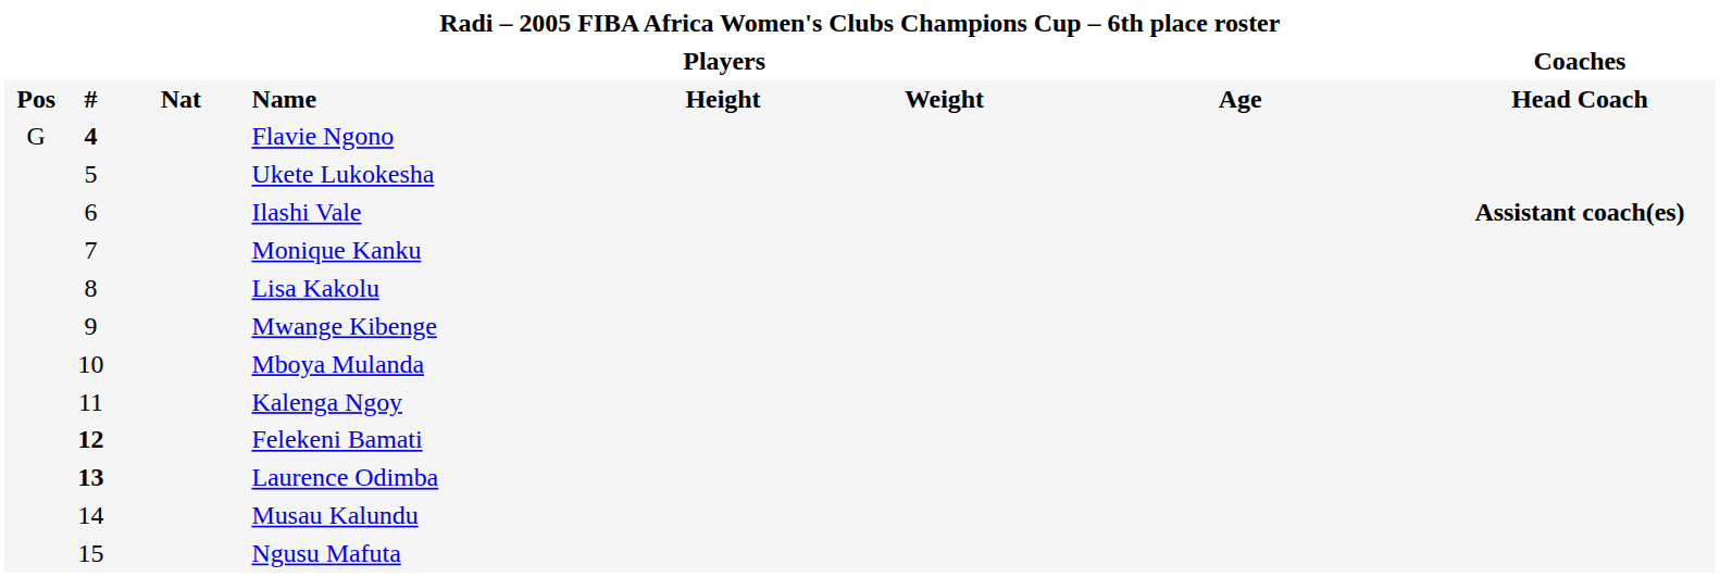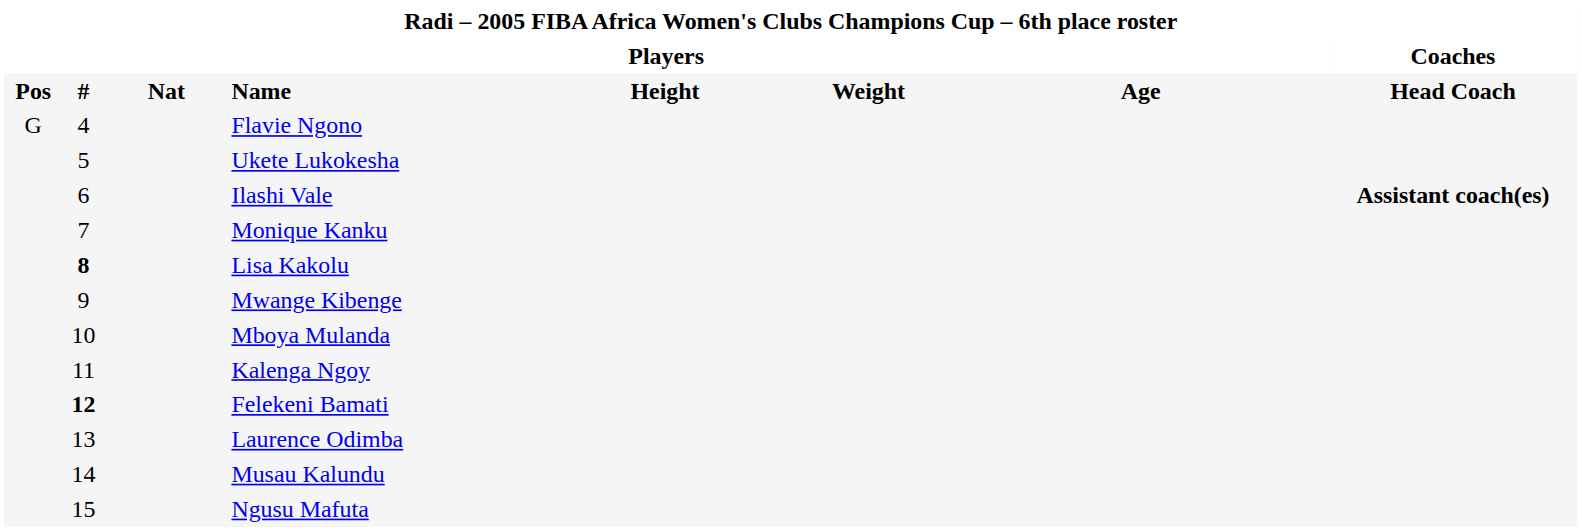 <table border=0 cellpadding=2 cellspacing=0  |- bgcolor=#f5f5f5 style="text-align:center; font-size:90%;" width=75%>
 <tr>
 <td colspan="8" style="background: white; color: black"><strong>Radi – 2005 FIBA Africa Women's Clubs Champions Cup – 6th place roster</strong></td>
 </tr>
 <tr>
 <td colspan="7" style="background: white; color: black"><strong>Players</strong></td>
 <td style="background: white; color: black"><strong>Coaches</strong></td>
 </tr>
 <tr style="background=#f5f5f5; color: black">
 <th width=5px>Pos</th>
 <th width=5px>#</th>
 <th width=50px>Nat</th>
 <th width=135px align=left>Name</th>
 <th width=100px>Height</th>
 <th width=70px>Weight</th>
 <th width=160px>Age</th>
 <th width=105px>Head Coach</th>
 </tr>
 <tr>
 <td>G</td>
-<td><strong>4</strong></td>
+<td>4</td>
 <td></td>
 <td align=left><a href='#'>Flavie Ngono</a></td>
 <td><span></span></td>
 <td></td>
 <td><span></span></td>
 <td> <a href='#'></a></td>
 </tr>
 <tr>
 <td></td>
 <td>5</td>
 <td></td>
 <td align=left><a href='#'>Ukete Lukokesha</a></td>
 <td></td>
 <td></td>
 <td><span></span></td>
 </tr>
 <tr>
 <td></td>
 <td>6</td>
 <td></td>
 <td align=left><a href='#'>Ilashi Vale</a></td>
 <td></td>
 <td></td>
 <td><span></span></td>
 <td><strong>Assistant coach(es)</strong></td>
 </tr>
 <tr>
 <td></td>
 <td>7</td>
 <td></td>
 <td align=left><a href='#'>Monique Kanku</a></td>
 <td></td>
 <td></td>
 <td><span></span></td>
 <td></td>
 </tr>
 <tr>
 <td></td>
-<td>8</td>
+<td><strong>8</strong></td>
 <td></td>
 <td align=left><a href='#'>Lisa Kakolu</a></td>
 <td></td>
 <td></td>
 <td><span></span></td>
 <td></td>
 </tr>
 <tr>
 <td></td>
 <td>9</td>
 <td></td>
 <td align=left><a href='#'>Mwange Kibenge</a></td>
 <td></td>
 <td></td>
 <td><span></span></td>
 </tr>
 <tr>
 <td></td>
 <td>10</td>
 <td></td>
 <td align=left><a href='#'>Mboya Mulanda</a></td>
 <td></td>
 <td></td>
 <td><span></span></td>
 </tr>
 <tr>
 <td></td>
 <td>11</td>
 <td></td>
 <td align=left><a href='#'>Kalenga Ngoy</a></td>
 <td></td>
 <td></td>
 <td><span></span></td>
 </tr>
 <tr>
 <td></td>
 <td><strong>12</strong></td>
 <td></td>
 <td align=left><a href='#'>Felekeni Bamati</a></td>
 <td></td>
 <td></td>
 <td><span></span></td>
 </tr>
 <tr>
 <td></td>
-<td><strong>13</strong></td>
+<td>13</td>
 <td></td>
 <td align=left><a href='#'>Laurence Odimba</a></td>
 <td></td>
 <td></td>
 <td><span></span></td>
 </tr>
 <tr>
 <td></td>
 <td>14</td>
 <td></td>
 <td align=left><a href='#'>Musau Kalundu</a></td>
 <td></td>
 <td></td>
 <td><span></span></td>
 </tr>
 <tr>
 <td></td>
 <td>15</td>
 <td></td>
 <td align=left><a href='#'>Ngusu Mafuta</a></td>
 <td></td>
 <td></td>
 <td><span></span></td>
 </tr>
 </table>
